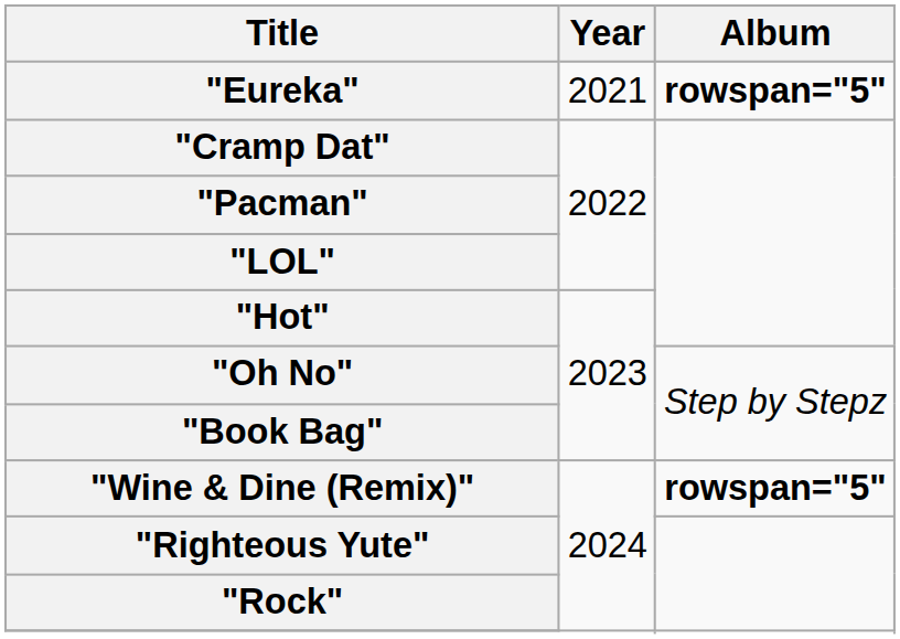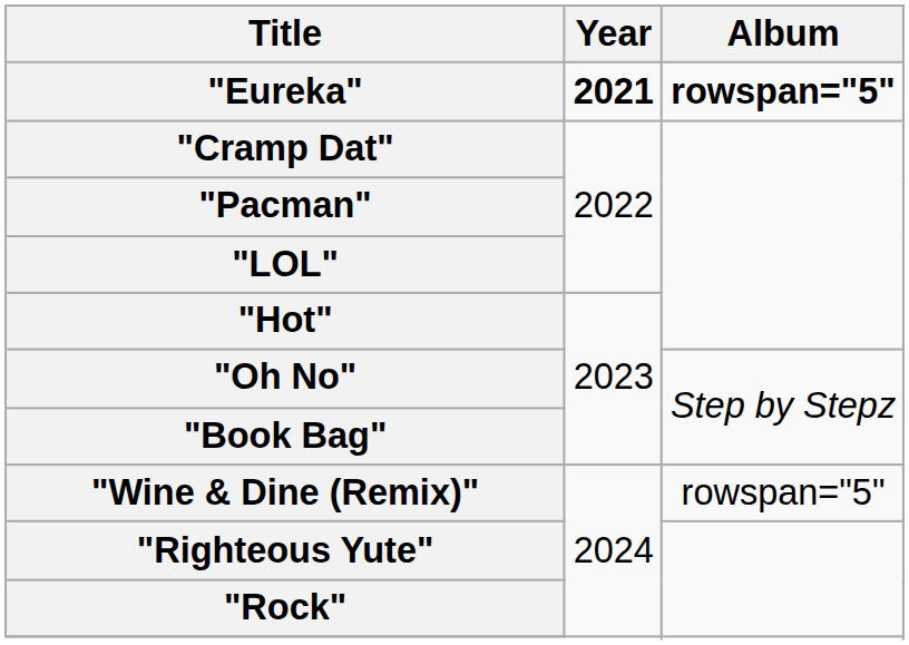 <table class="wikitable plainrowheaders" style="text-align:center;">
 <tr>
 <th scope="col" style="width:15em;">Title</th>
 <th scope="col">Year</th>
 <th scope="col">Album</th>
 </tr>
 <tr>
 <th scope="row">"Eureka"</th>
-<td>2021</td>
+<td><strong>2021</strong></td>
 <td><strong>rowspan="5" </strong></td>
 </tr>
 <tr>
 <th scope="row">"Cramp Dat"</th>
 <td rowspan="3">2022</td>
 </tr>
 <tr>
 <th scope="row">"Pacman" <br></th>
 </tr>
 <tr>
 <th scope="row">"LOL" <br></th>
 </tr>
 <tr>
 <th scope="row">"Hot" <br></th>
 <td rowspan="3">2023</td>
 </tr>
 <tr>
 <th scope="row">"Oh No"</th>
 <td rowspan="2"><em>Step by Stepz</em></td>
 </tr>
 <tr>
 <th scope="row">"Book Bag"</th>
 </tr>
 <tr>
 <th scope="row">"Wine & Dine (Remix)" <br></th>
 <td rowspan="5">2024</td>
-<td><strong>rowspan="5" </strong></td>
+<td>rowspan="5" </td>
 </tr>
 <tr>
 <th scope="row">"Righteous Yute"</th>
 </tr>
 <tr>
 <th scope="row">"Rock"</th>
 </tr>
 <tr>
 </tr>
 </table>
